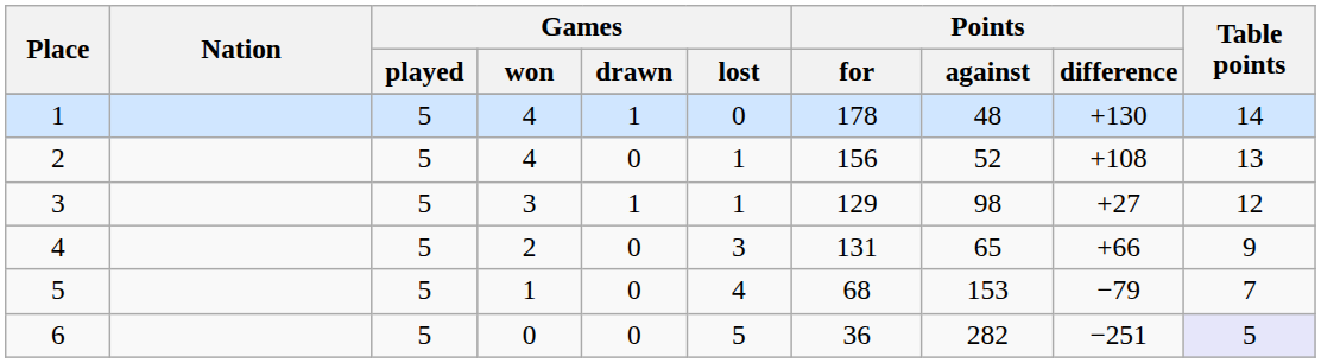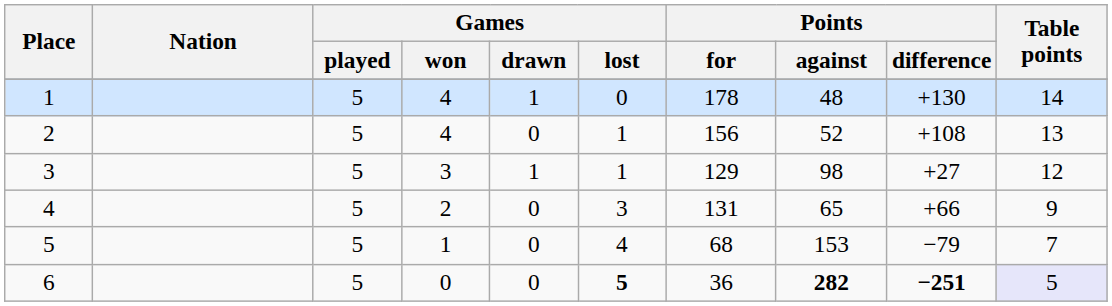 <table class="wikitable">
 <tr>
 <th rowspan=2 width="8%">Place</th>
 <th rowspan=2 width="20%">Nation</th>
 <th colspan=4 width="32%">Games</th>
 <th colspan=3 width="30%">Points</th>
 <th rowspan=2 width="10%">Table<br>points</th>
 </tr>
 <tr>
 <th width="8%">played</th>
 <th width="8%">won</th>
 <th width="8%">drawn</th>
 <th width="8%">lost</th>
 <th width="10%">for</th>
 <th width="10%">against</th>
 <th width="10%">difference</th>
 </tr>
 <tr>
 </tr>
 <tr align=center |-width=10px bgcolor="#D0E6FF">
 <td>1</td>
 <td align=left></td>
 <td>5</td>
 <td>4</td>
 <td>1</td>
 <td>0</td>
 <td>178</td>
 <td>48</td>
 <td>+130</td>
 <td>14</td>
 </tr>
 <tr align=center>
 <td>2</td>
 <td align=left></td>
 <td>5</td>
 <td>4</td>
 <td>0</td>
 <td>1</td>
 <td>156</td>
 <td>52</td>
 <td>+108</td>
 <td>13</td>
 </tr>
 <tr align=center>
 <td>3</td>
 <td align=left></td>
 <td>5</td>
 <td>3</td>
 <td>1</td>
 <td>1</td>
 <td>129</td>
 <td>98</td>
 <td>+27</td>
 <td>12</td>
 </tr>
 <tr align=center |-width=10px>
 <td>4</td>
 <td align=left></td>
 <td>5</td>
 <td>2</td>
 <td>0</td>
 <td>3</td>
 <td>131</td>
 <td>65</td>
 <td>+66</td>
 <td>9</td>
 </tr>
 <tr align=center |-width=10px>
 <td>5</td>
 <td align=left></td>
 <td>5</td>
 <td>1</td>
 <td>0</td>
 <td>4</td>
 <td>68</td>
 <td>153</td>
 <td>−79</td>
 <td>7</td>
 </tr>
 <tr align=center>
 <td>6</td>
 <td align=left></td>
 <td>5</td>
 <td>0</td>
 <td>0</td>
-<td>5</td>
+<td><strong>5</strong></td>
 <td>36</td>
-<td>282</td>
-<td>−251</td>
+<td><strong>282</strong></td>
+<td><strong>−251</strong></td>
 <td style="background: lavender;">5</td>
 </tr>
 </table>
